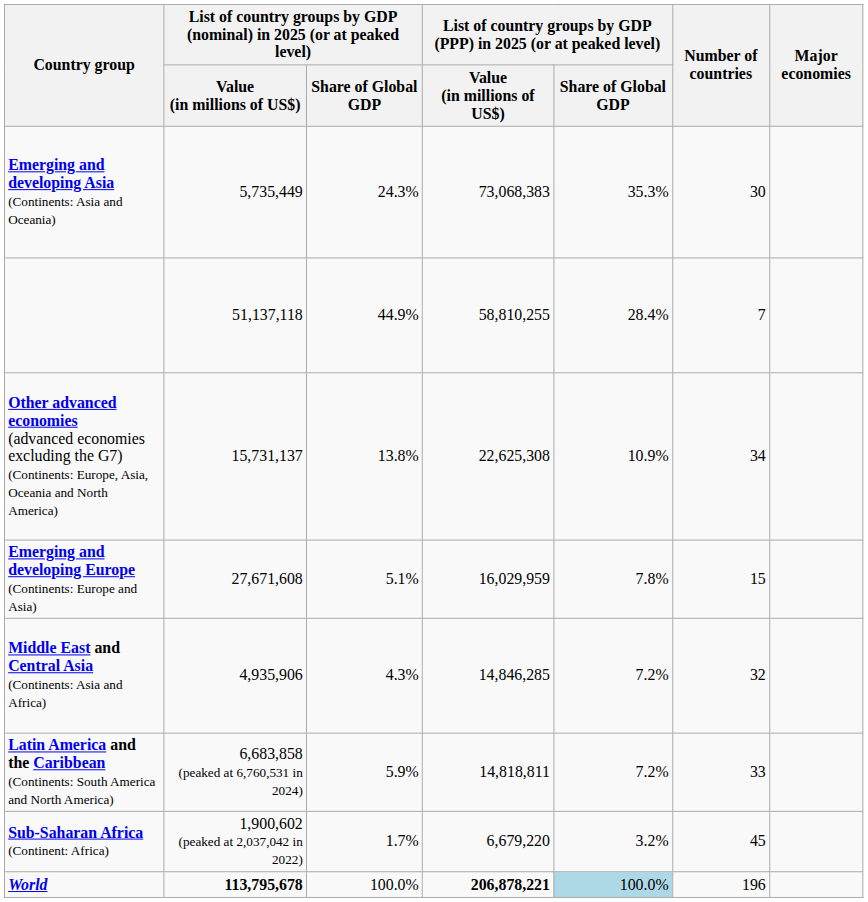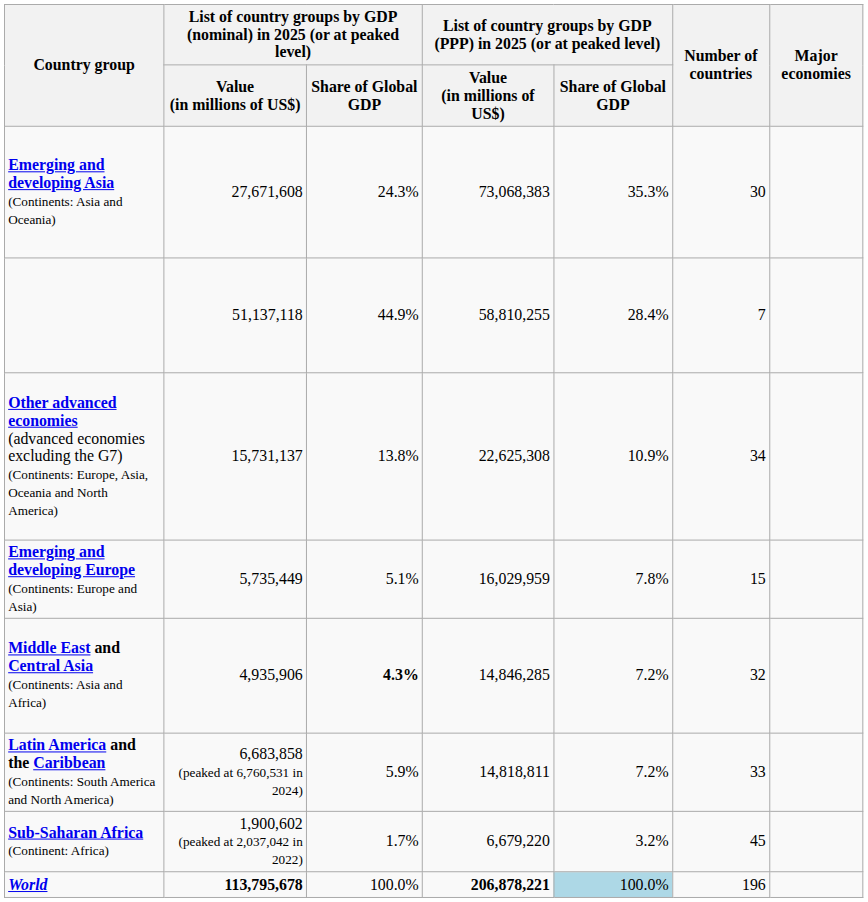 <table class="wikitable sortable static-row-numbers" style="text-align:right;">
 <tr>
 <th style="text-align:center;" rowspan="2">Country group</th>
 <th style="text-align:center;" colspan="2">List of country groups by GDP (nominal) in 2025 (or at peaked level)</th>
 <th style="text-align:center;" colspan="2">List of country groups by GDP (PPP) in 2025 (or at peaked level)</th>
 <th style="text-align:center;" rowspan="2">Number of countries</th>
 <th style="text-align:center;" rowspan="2">Major economies</th>
 </tr>
 <tr>
 <th>Value<br>(in millions of US$)</th>
 <th>Share of Global GDP</th>
 <th>Value<br>(in millions of US$)</th>
 <th>Share of Global GDP</th>
 </tr>
 <tr>
 <td align=left><strong><a href='#'>Emerging and developing Asia</a></strong><br><small>(Continents: Asia and Oceania)</small></td>
-<td>5,735,449</td>
+<td>27,671,608</td>
 <td>24.3%</td>
 <td>73,068,383</td>
 <td>35.3%</td>
 <td>30</td>
 <td align=left><strong></strong><br><strong></strong><br><strong></strong><br><br><br><br><br></td>
 </tr>
 <tr>
 <td align=left></td>
 <td>51,137,118</td>
 <td>44.9%</td>
 <td>58,810,255</td>
 <td>28.4%</td>
 <td>7</td>
 <td align=left><strong></strong><br><strong></strong><br><strong></strong><br><strong></strong><br><strong></strong><br><strong></strong><br><strong></strong></td>
 </tr>
 <tr>
 <td align=left><strong><a href='#'>Other advanced economies</a></strong><br>(advanced economies excluding the G7)<br><small>(Continents: Europe, Asia, Oceania and North America)</small></td>
 <td>15,731,137</td>
 <td>13.8%</td>
 <td>22,625,308</td>
 <td>10.9%</td>
 <td>34</td>
 <td align=left><strong></strong><br><br><strong></strong><br><br><br><br><br><br><br></td>
 </tr>
 <tr>
 <td align=left><strong><a href='#'>Emerging and developing Europe</a></strong><br><small>(Continents: Europe and Asia)</small></td>
-<td>27,671,608</td>
+<td>5,735,449</td>
 <td>5.1%</td>
 <td>16,029,959</td>
 <td>7.8%</td>
 <td>15</td>
 <td align=left><strong></strong><br><strong></strong><br><br><br></td>
 </tr>
 <tr>
 <td align=left><strong><a href='#'>Middle East</a> and <a href='#'>Central Asia</a></strong><br><small>(Continents: Asia and Africa)</small></td>
 <td>4,935,906</td>
-<td>4.3%</td>
+<td><strong>4.3%</strong></td>
 <td>14,846,285</td>
 <td>7.2%</td>
 <td>32</td>
 <td align=left><br><strong></strong><br><br><br><br><br></td>
 </tr>
 <tr>
 <td align=left><strong><a href='#'>Latin America</a> and the <a href='#'>Caribbean</a></strong><br><small>(Continents: South America and North America)</small></td>
 <td>6,683,858<br><small>(peaked at 6,760,531 in 2024)</small></td>
 <td>5.9%</td>
 <td>14,818,811</td>
 <td>7.2%</td>
 <td>33</td>
 <td align=left><strong></strong><br><strong></strong><br><strong></strong><br></td>
 </tr>
 <tr>
 <td align=left><strong><a href='#'>Sub-Saharan Africa</a></strong><br><small>(Continent: Africa)</small></td>
 <td>1,900,602<br><small>(peaked at 2,037,042 in 2022)</small></td>
 <td>1.7%</td>
 <td>6,679,220</td>
 <td>3.2%</td>
 <td>45</td>
 <td align=left><br><strong></strong></td>
 </tr>
 <tr class="sortbottom">
 <td align=left><strong><em><a href='#'>World</a></em></strong></td>
 <td><strong>113,795,678</strong></td>
 <td>100.0%</td>
 <td><strong>206,878,221</strong></td>
 <td style="background: lightblue;">100.0%</td>
 <td>196</td>
 <td></td>
 </tr>
 </table>
